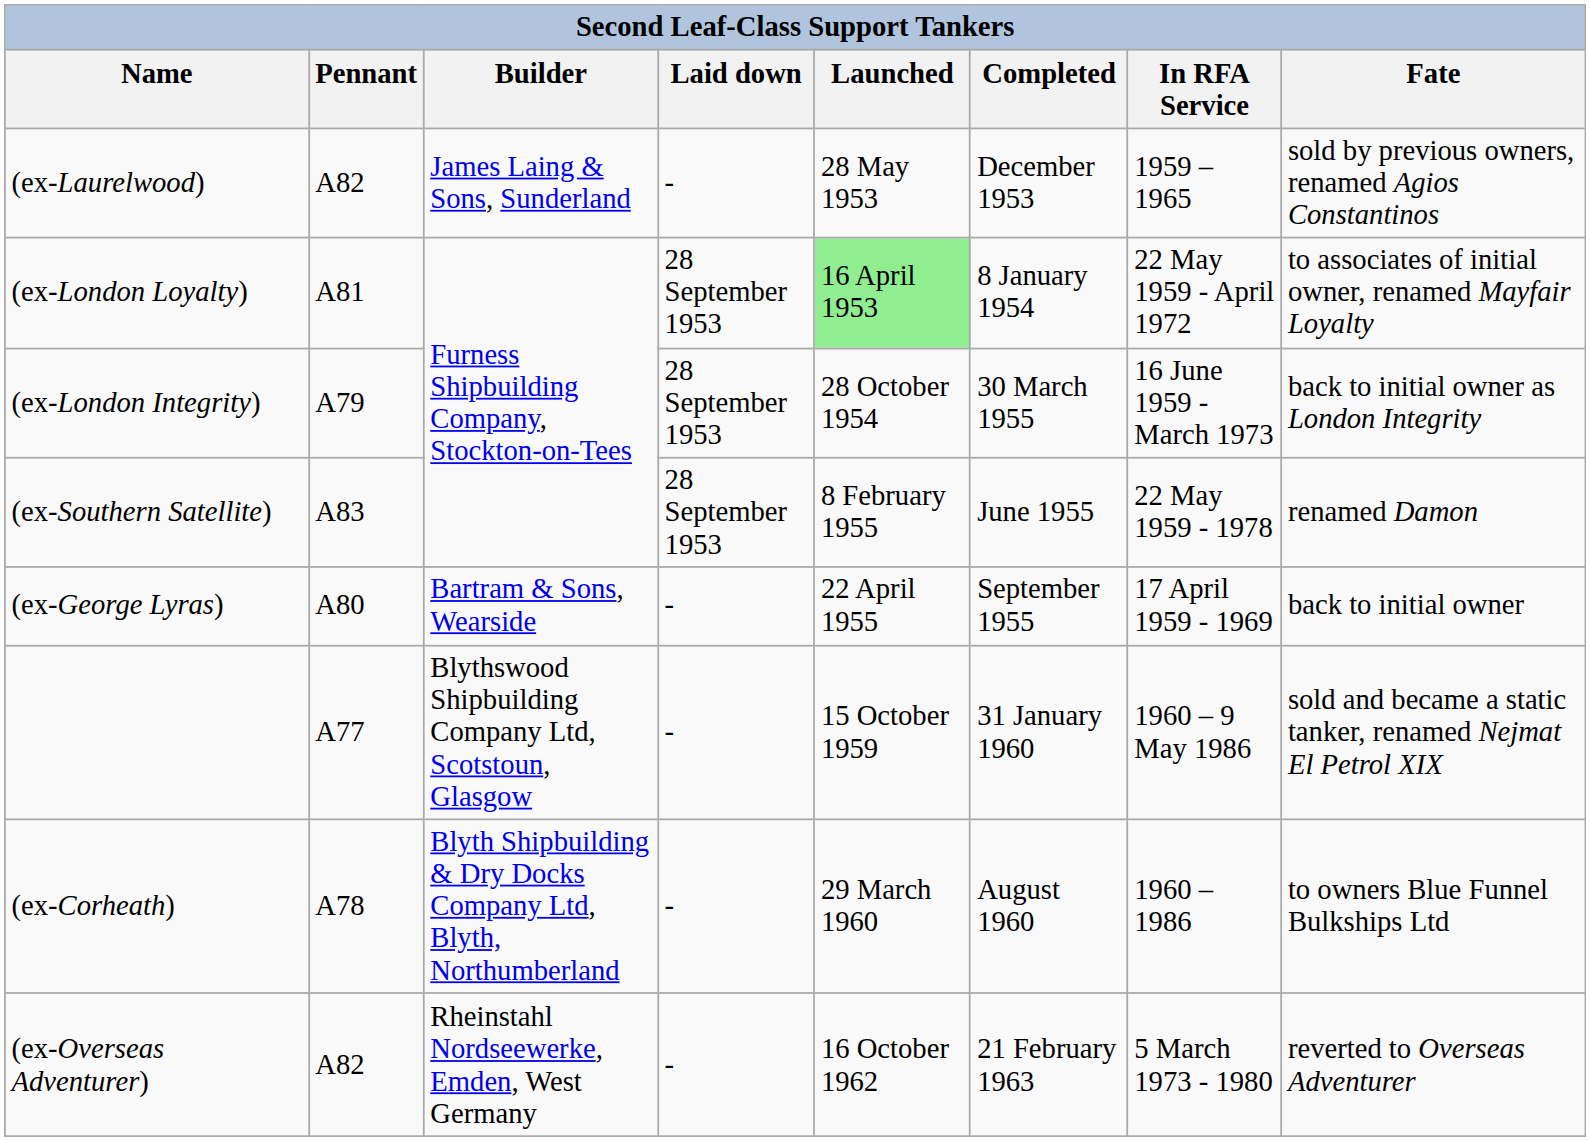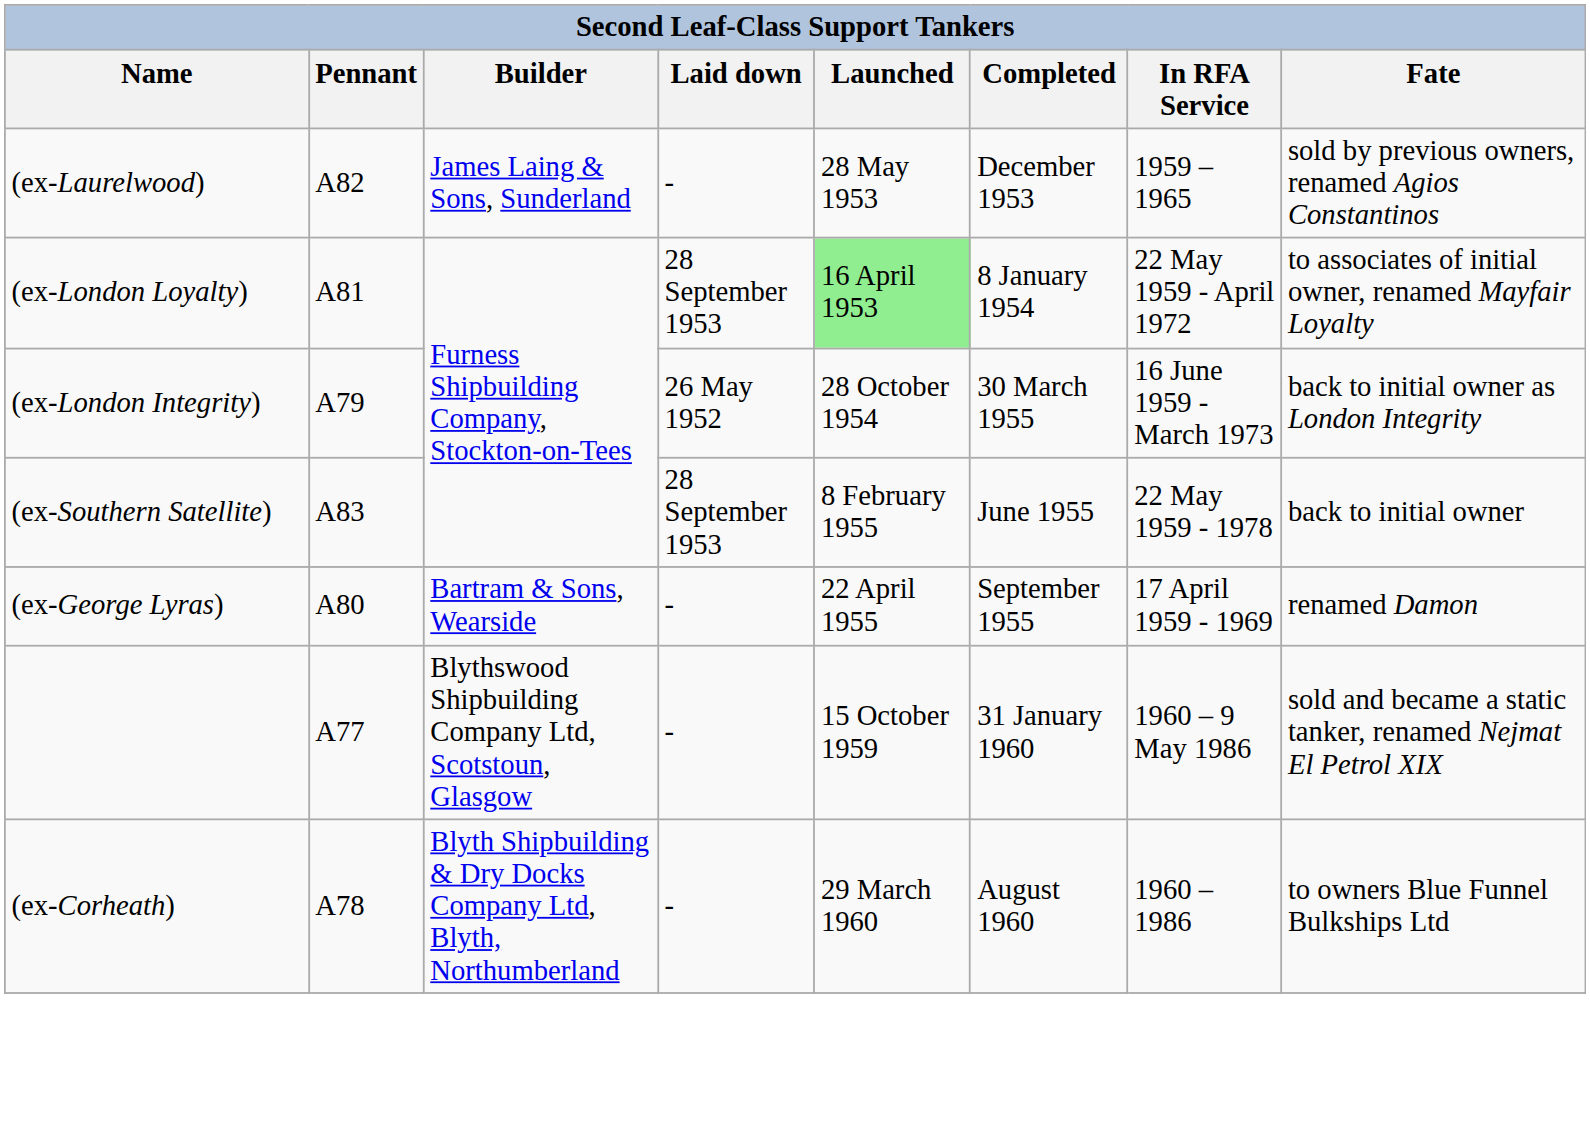 <table class="wikitable" style="margin:auto; width:100%;">
 <tr>
 <th style="align: center; background:#B0C4DE;" colspan="8">Second Leaf-Class Support Tankers</th>
 </tr>
 <tr style="vertical-align: top;">
 <th style="text-align:center; width:20%;">Name</th>
 <th style="text-align:center; width:5%;">Pennant</th>
 <th style="text-align:center; width:15%;">Builder</th>
 <th style="text-align:center; width:10%;">Laid down</th>
 <th style="text-align:center; width:10%;">Launched</th>
 <th style="text-align:center; width:10%;">Completed</th>
 <th style="text-align:center; width:10%;">In RFA Service</th>
 <th style="text-align:center; width:20%;">Fate</th>
 </tr>
 <tr>
 <td> (ex-<em>Laurelwood</em>)</td>
 <td>A82</td>
 <td><a href='#'>James Laing & Sons</a>, <a href='#'>Sunderland</a></td>
 <td>-</td>
 <td>28 May 1953</td>
 <td>December 1953</td>
 <td>1959 – 1965</td>
 <td>sold by previous owners, renamed <em>Agios Constantinos</em></td>
 </tr>
 <tr>
 <td> (ex-<em>London Loyalty</em>)</td>
 <td>A81</td>
 <td rowspan=3><a href='#'>Furness Shipbuilding Company</a>, <a href='#'>Stockton-on-Tees</a></td>
 <td>28 September 1953</td>
 <td style="background: lightgreen;">16 April 1953</td>
 <td>8 January 1954</td>
 <td>22 May 1959 - April 1972</td>
 <td>to associates of initial owner, renamed <em>Mayfair Loyalty</em></td>
 </tr>
 <tr>
 <td> (ex-<em>London Integrity</em>)</td>
 <td>A79</td>
-<td>28 September 1953</td>
+<td>26 May 1952</td>
 <td>28 October 1954</td>
 <td>30 March 1955</td>
 <td>16 June 1959 - March 1973</td>
 <td>back to initial owner as <em>London Integrity</em></td>
 </tr>
 <tr>
 <td> (ex-<em>Southern Satellite</em>)</td>
 <td>A83</td>
 <td>28 September 1953</td>
 <td>8 February 1955</td>
 <td>June 1955</td>
 <td>22 May 1959 - 1978</td>
-<td>renamed <em>Damon</em></td>
+<td>back to initial owner</td>
 </tr>
 <tr>
 <td> (ex-<em>George Lyras</em>)</td>
 <td>A80</td>
 <td><a href='#'>Bartram & Sons</a>, <a href='#'>Wearside</a></td>
 <td>-</td>
 <td>22 April 1955</td>
 <td>September 1955</td>
 <td>17 April 1959 - 1969</td>
-<td>back to initial owner</td>
+<td>renamed <em>Damon</em></td>
 </tr>
 <tr>
 <td></td>
 <td>A77</td>
 <td>Blythswood Shipbuilding Company Ltd, <a href='#'>Scotstoun</a>, <a href='#'>Glasgow</a></td>
 <td>-</td>
 <td>15 October 1959</td>
 <td>31 January 1960</td>
 <td>1960 – 9 May 1986</td>
 <td>sold and became a static tanker, renamed <em>Nejmat El Petrol XIX</em></td>
 </tr>
 <tr>
 <td> (ex-<em>Corheath</em>)</td>
 <td>A78</td>
 <td><a href='#'>Blyth Shipbuilding & Dry Docks Company Ltd</a>, <a href='#'>Blyth, Northumberland</a></td>
 <td>-</td>
 <td>29 March 1960</td>
 <td>August 1960</td>
 <td>1960 – 1986</td>
 <td>to owners Blue Funnel Bulkships Ltd</td>
 </tr>
-<tr>
-<td> (ex-<em>Overseas Adventurer</em>)</td>
-<td>A82</td>
-<td>Rheinstahl <a href='#'>Nordseewerke</a>, <a href='#'>Emden</a>, West Germany</td>
-<td>-</td>
-<td>16 October 1962</td>
-<td>21 February 1963</td>
-<td>5 March 1973 - 1980</td>
-<td>reverted to <em>Overseas Adventurer</em></td>
-</tr>
 </table>
